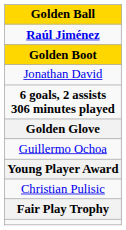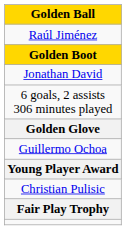 <table class="wikitable" style="text-align:center">
 <tr>
 <th scope=col style="background-color: gold">Golden Ball</th>
 </tr>
 <tr>
-<td><strong> <a href='#'>Raúl Jiménez</a></strong></td>
+<td> <a href='#'>Raúl Jiménez</a></td>
 </tr>
 <tr>
 <th scope=col style="background-color: gold">Golden Boot</th>
 </tr>
 <tr>
 <td> <a href='#'>Jonathan David</a></td>
 </tr>
 <tr>
-<td><strong>6 goals, 2 assists<br> 306 minutes played</strong></td>
+<td>6 goals, 2 assists<br> 306 minutes played</td>
 </tr>
 <tr>
 <th colspan="3">Golden Glove</th>
 </tr>
 <tr>
 <td colspan="3"> <a href='#'>Guillermo Ochoa</a></td>
 </tr>
 <tr>
 <th colspan="3">Young Player Award</th>
 </tr>
 <tr>
 <td colspan="3"> <a href='#'>Christian Pulisic</a></td>
 </tr>
 <tr>
 <th colspan="3">Fair Play Trophy</th>
 </tr>
 <tr>
 <td colspan="3"></td>
 </tr>
 </table>
